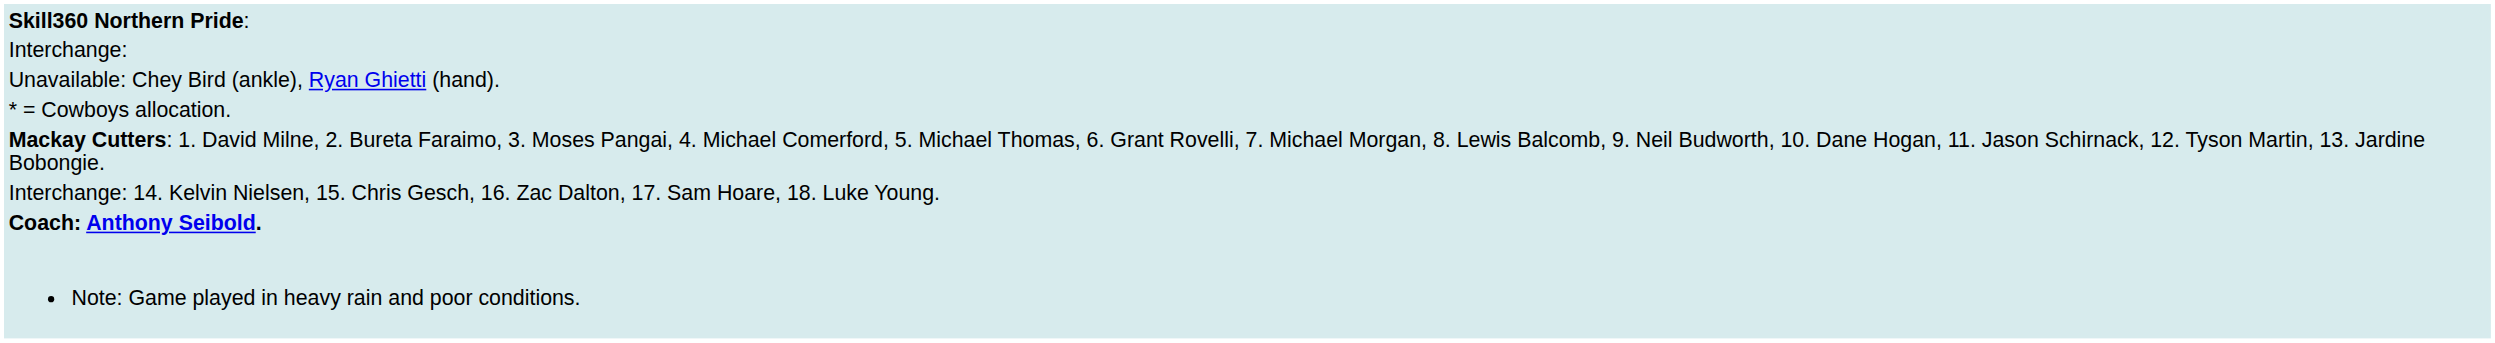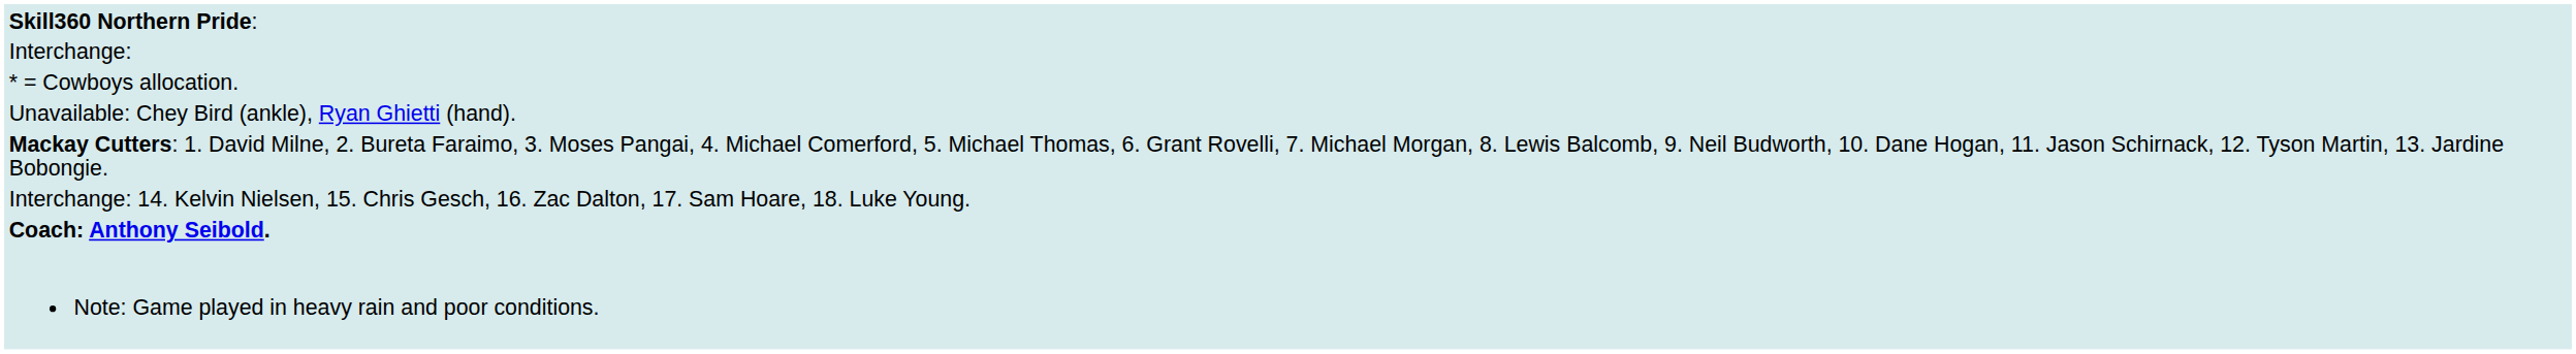 <table style="background:#d7ebed; font-size:85%; width:100%;">
 <tr>
 <td><strong>Skill360 Northern Pride</strong>:             </td>
 </tr>
 <tr>
 <td>Interchange:    </td>
 </tr>
 <tr>
-<td>Unavailable: Chey Bird (ankle), <a href='#'>Ryan Ghietti</a> (hand).</td>
+<td>* = Cowboys allocation.</td>
 </tr>
 <tr>
-<td>* = Cowboys allocation.</td>
+<td>Unavailable: Chey Bird (ankle), <a href='#'>Ryan Ghietti</a> (hand).</td>
 </tr>
 <tr>
 <td><strong>Mackay Cutters</strong>: 1. David Milne, 2. Bureta Faraimo, 3. Moses Pangai, 4. Michael Comerford, 5. Michael Thomas, 6. Grant Rovelli, 7. Michael Morgan, 8. Lewis Balcomb, 9. Neil Budworth, 10. Dane Hogan, 11. Jason Schirnack, 12. Tyson Martin, 13. Jardine Bobongie.</td>
 </tr>
 <tr>
 <td>Interchange: 14. Kelvin Nielsen, 15. Chris Gesch, 16. Zac Dalton, 17. Sam Hoare, 18. Luke Young.</td>
 </tr>
 <tr>
 <td><strong>Coach: <a href='#'>Anthony Seibold</a>.</strong></td>
 </tr>
 <tr>
 <td><br><ul><li>Note: Game played in heavy rain and poor conditions.</li></ul></td>
 </tr>
 <tr>
 </tr>
 </table>
